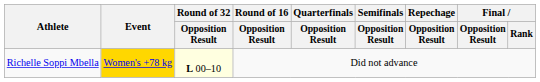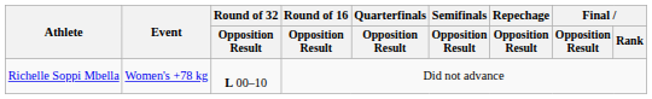 <table class="wikitable" style="font-size:90%">
 <tr>
 <th rowspan="2">Athlete</th>
 <th rowspan="2">Event</th>
 <th>Round of 32</th>
 <th>Round of 16</th>
 <th>Quarterfinals</th>
 <th>Semifinals</th>
 <th>Repechage</th>
 <th colspan=2>Final / </th>
 </tr>
 <tr style="font-size:95%">
 <th>Opposition<br>Result</th>
 <th>Opposition<br>Result</th>
 <th>Opposition<br>Result</th>
 <th>Opposition<br>Result</th>
 <th>Opposition<br>Result</th>
 <th>Opposition<br>Result</th>
 <th>Rank</th>
 </tr>
 <tr align=center>
 <td align=left><a href='#'>Richelle Soppi Mbella</a></td>
-<td align=left style="background: gold;"><a href='#'>Women's +78 kg</a></td>
-<td style="background: lightyellow;"><br> <strong>L</strong> 00–10</td>
+<td align=left><a href='#'>Women's +78 kg</a></td>
+<td><br> <strong>L</strong> 00–10</td>
 <td Colspan=6>Did not advance</td>
 </tr>
 </table>
